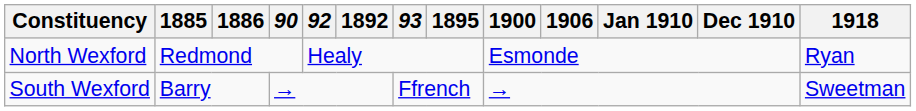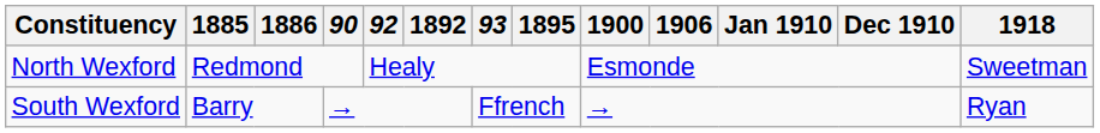 <table class="wikitable">
 <tr>
 <th>Constituency</th>
 <th>1885</th>
 <th>1886</th>
 <th><em>90</em></th>
 <th><em>92</em></th>
 <th>1892</th>
 <th><em>93</em></th>
 <th>1895</th>
 <th>1900</th>
 <th>1906</th>
 <th>Jan 1910</th>
 <th>Dec 1910</th>
 <th>1918</th>
 </tr>
 <tr>
 <td><a href='#'>North Wexford</a></td>
 <td colspan="3"><a href='#'>Redmond</a></td>
 <td colspan="4"><a href='#'>Healy</a></td>
 <td colspan="4"><a href='#'>Esmonde</a></td>
-<td><a href='#'>Ryan</a></td>
+<td><a href='#'>Sweetman</a></td>
 </tr>
 <tr>
 <td><a href='#'>South Wexford</a></td>
 <td colspan="2"><a href='#'>Barry</a></td>
 <td colspan="3"><a href='#'>→</a></td>
 <td colspan="2"><a href='#'>Ffrench</a></td>
 <td colspan="4"><a href='#'>→</a></td>
-<td><a href='#'>Sweetman</a></td>
+<td><a href='#'>Ryan</a></td>
 </tr>
 </table>
